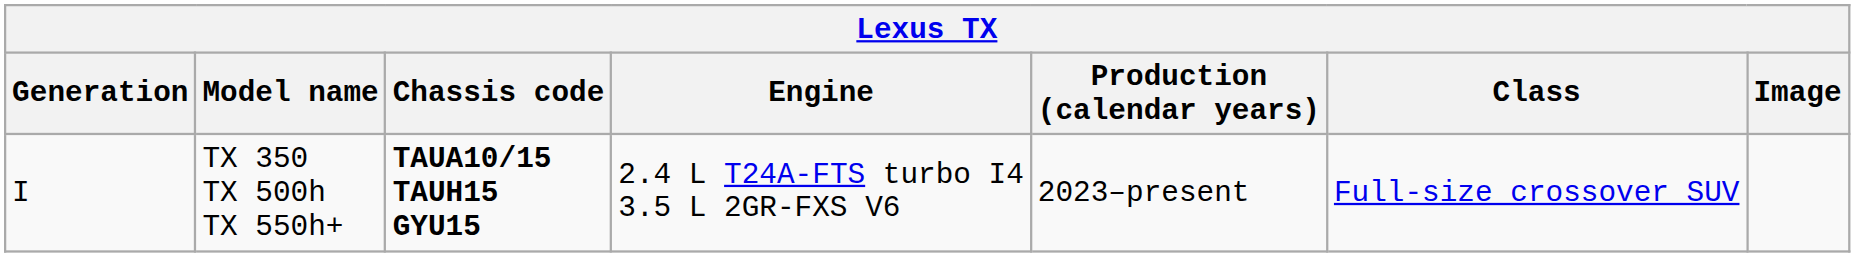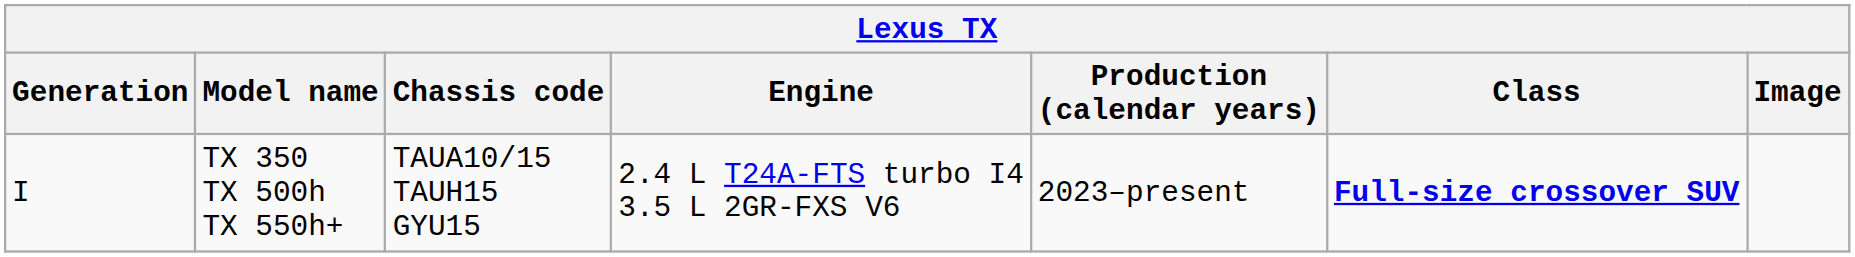 <table class="wikitable collapsible" style="font-size:97% style="width:90%; text-align:center">
 <tr>
 <th colspan=7 align=left><a href='#'>Lexus TX</a></th>
 </tr>
 <tr>
 <th>Generation</th>
 <th>Model name</th>
 <th>Chassis code</th>
 <th>Engine</th>
 <th>Production<br>(calendar years)</th>
 <th>Class</th>
 <th>Image</th>
 </tr>
 <tr>
 <td>I</td>
 <td>TX 350<br>TX 500h<br>TX 550h+</td>
-<td><strong>TAUA10/15<br>TAUH15<br>GYU15</strong></td>
+<td>TAUA10/15<br>TAUH15<br>GYU15</td>
 <td>2.4 L <a href='#'>T24A-FTS</a> turbo I4<br>3.5 L 2GR-FXS V6</td>
 <td>2023–present</td>
-<td><a href='#'>Full-size crossover SUV</a></td>
+<td><strong><a href='#'>Full-size crossover SUV</a></strong></td>
 <td></td>
 </tr>
 </table>
